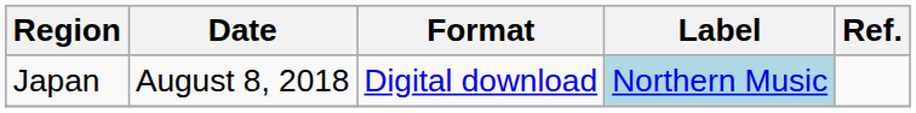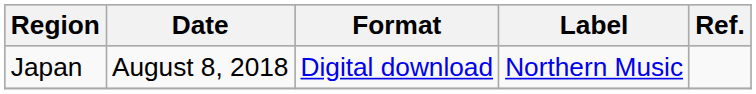 <table class="wikitable sortable plainrowheaders">
 <tr>
 <th scope="col">Region</th>
 <th scope="col">Date</th>
 <th scope="col">Format</th>
 <th scope="col">Label</th>
 <th scope="col">Ref.</th>
 </tr>
 <tr>
 <td>Japan</td>
 <td>August 8, 2018</td>
 <td><a href='#'>Digital download</a></td>
-<td style="background: lightblue;"><a href='#'>Northern Music</a></td>
+<td><a href='#'>Northern Music</a></td>
 <td></td>
 </tr>
 <tr>
 </tr>
 </table>
